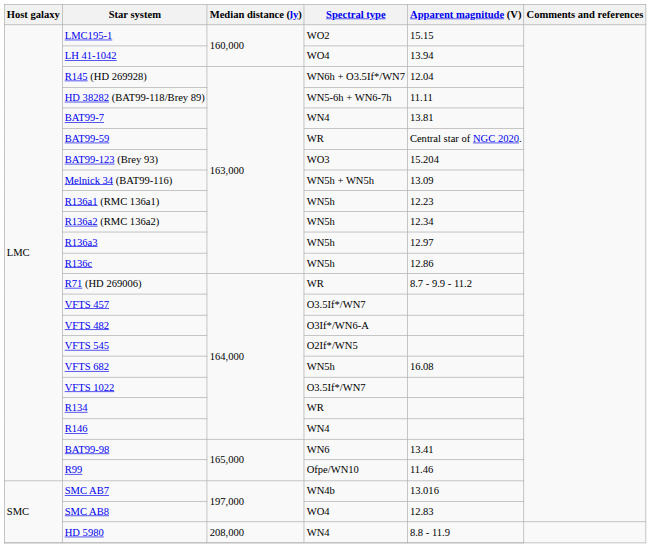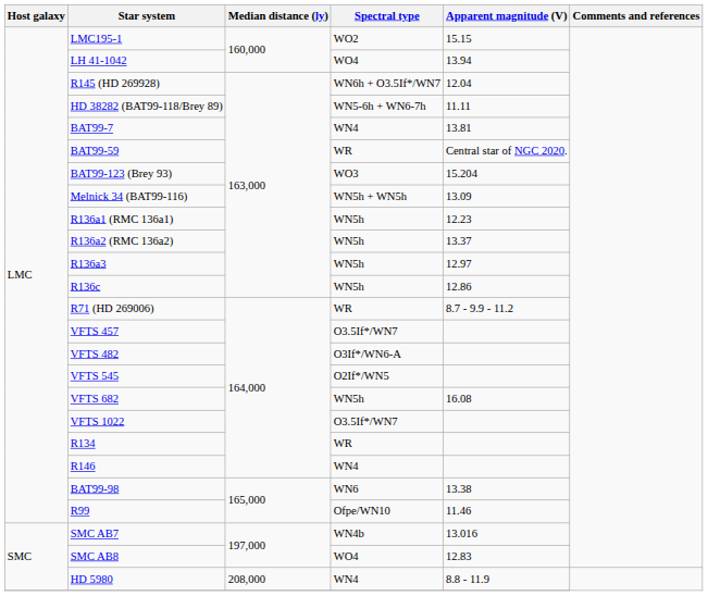 <table class="wikitable sortable" style="font-size:1.00em; line-height:1.5em; position:relative;">
 <tr>
 <th>Host galaxy</th>
 <th scope="col">Star system</th>
 <th scope="col">Median distance (<a href='#'>ly</a>)</th>
 <th scope="col"><a href='#'>Spectral type</a></th>
 <th scope="col"><a href='#'>Apparent magnitude</a> (V)</th>
 <th scope="col">Comments and references</th>
 </tr>
 <tr>
 <td rowspan="22">LMC</td>
 <td><a href='#'>LMC195-1</a></td>
 <td rowspan="2">160,000</td>
 <td style="background: ">WO2</td>
 <td>15.15</td>
 <td rowspan="24"></td>
 </tr>
 <tr>
 <td><a href='#'>LH 41-1042</a></td>
 <td style="background: ">WO4</td>
 <td>13.94</td>
 </tr>
 <tr>
 <td><a href='#'>R145</a> (HD 269928)</td>
 <td rowspan="10">163,000</td>
 <td style="background: ">WN6h + O3.5If*/WN7</td>
 <td>12.04</td>
 </tr>
 <tr>
 <td><a href='#'>HD 38282</a> (BAT99-118/Brey 89)</td>
 <td style="background: ">WN5-6h + WN6-7h</td>
 <td>11.11</td>
 </tr>
 <tr>
 <td><a href='#'>BAT99-7</a></td>
 <td style="background: ">WN4</td>
 <td>13.81</td>
 </tr>
 <tr>
 <td><a href='#'>BAT99-59</a></td>
 <td style="background: ">WR</td>
 <td>Central star of <a href='#'>NGC 2020</a>.</td>
 </tr>
 <tr>
 <td><a href='#'>BAT99-123</a> (Brey 93)</td>
 <td style="background: ">WO3</td>
 <td>15.204</td>
 </tr>
 <tr>
 <td><a href='#'>Melnick 34</a> (BAT99-116)</td>
 <td style="background: ">WN5h + WN5h</td>
 <td>13.09</td>
 </tr>
 <tr>
 <td><a href='#'>R136a1</a> (RMC 136a1)</td>
 <td style="background: ">WN5h</td>
 <td>12.23</td>
 </tr>
 <tr>
 <td><a href='#'>R136a2</a> (RMC 136a2)</td>
 <td style="background: ">WN5h</td>
-<td>12.34</td>
+<td>13.37</td>
 </tr>
 <tr>
 <td><a href='#'>R136a3</a></td>
 <td style="background: ">WN5h</td>
 <td>12.97</td>
 </tr>
 <tr>
 <td><a href='#'>R136c</a></td>
 <td style="background: ">WN5h</td>
 <td>12.86</td>
 </tr>
 <tr>
 <td><a href='#'>R71</a> (HD 269006)</td>
 <td rowspan="8">164,000</td>
 <td style="background: ">WR</td>
 <td>8.7 - 9.9 - 11.2</td>
 </tr>
 <tr>
 <td><a href='#'>VFTS 457</a></td>
 <td style="background: ">O3.5If*/WN7</td>
 <td></td>
 </tr>
 <tr>
 <td><a href='#'>VFTS 482</a></td>
 <td style="background: ">O3If*/WN6-A</td>
 <td></td>
 </tr>
 <tr>
 <td><a href='#'>VFTS 545</a></td>
 <td style="background: ">O2If*/WN5</td>
 <td></td>
 </tr>
 <tr>
 <td><a href='#'>VFTS 682</a></td>
 <td style="background: ">WN5h</td>
 <td>16.08</td>
 </tr>
 <tr>
 <td><a href='#'>VFTS 1022</a></td>
 <td style="background: ">O3.5If*/WN7</td>
 <td></td>
 </tr>
 <tr>
 <td><a href='#'>R134</a></td>
 <td style="background: ">WR</td>
 <td></td>
 </tr>
 <tr>
 <td><a href='#'>R146</a></td>
 <td style="background: ">WN4</td>
 <td></td>
 </tr>
 <tr>
 <td><a href='#'>BAT99-98</a></td>
 <td rowspan="2">165,000</td>
 <td style="background: ">WN6</td>
-<td>13.41</td>
+<td>13.38</td>
 </tr>
 <tr>
 <td><a href='#'>R99</a></td>
 <td style="background: ">Ofpe/WN10</td>
 <td>11.46</td>
 </tr>
 <tr>
 <td rowspan="3">SMC</td>
 <td><a href='#'>SMC AB7</a></td>
 <td rowspan="2">197,000</td>
 <td style="background: ">WN4b</td>
 <td>13.016</td>
 </tr>
 <tr>
 <td><a href='#'>SMC AB8</a></td>
 <td style="background: ">WO4</td>
 <td>12.83</td>
 </tr>
 <tr>
 <td><a href='#'>HD 5980</a></td>
 <td>208,000</td>
 <td style="background: ">WN4</td>
 <td>8.8 - 11.9</td>
 </tr>
 <tr>
 </tr>
 </table>
